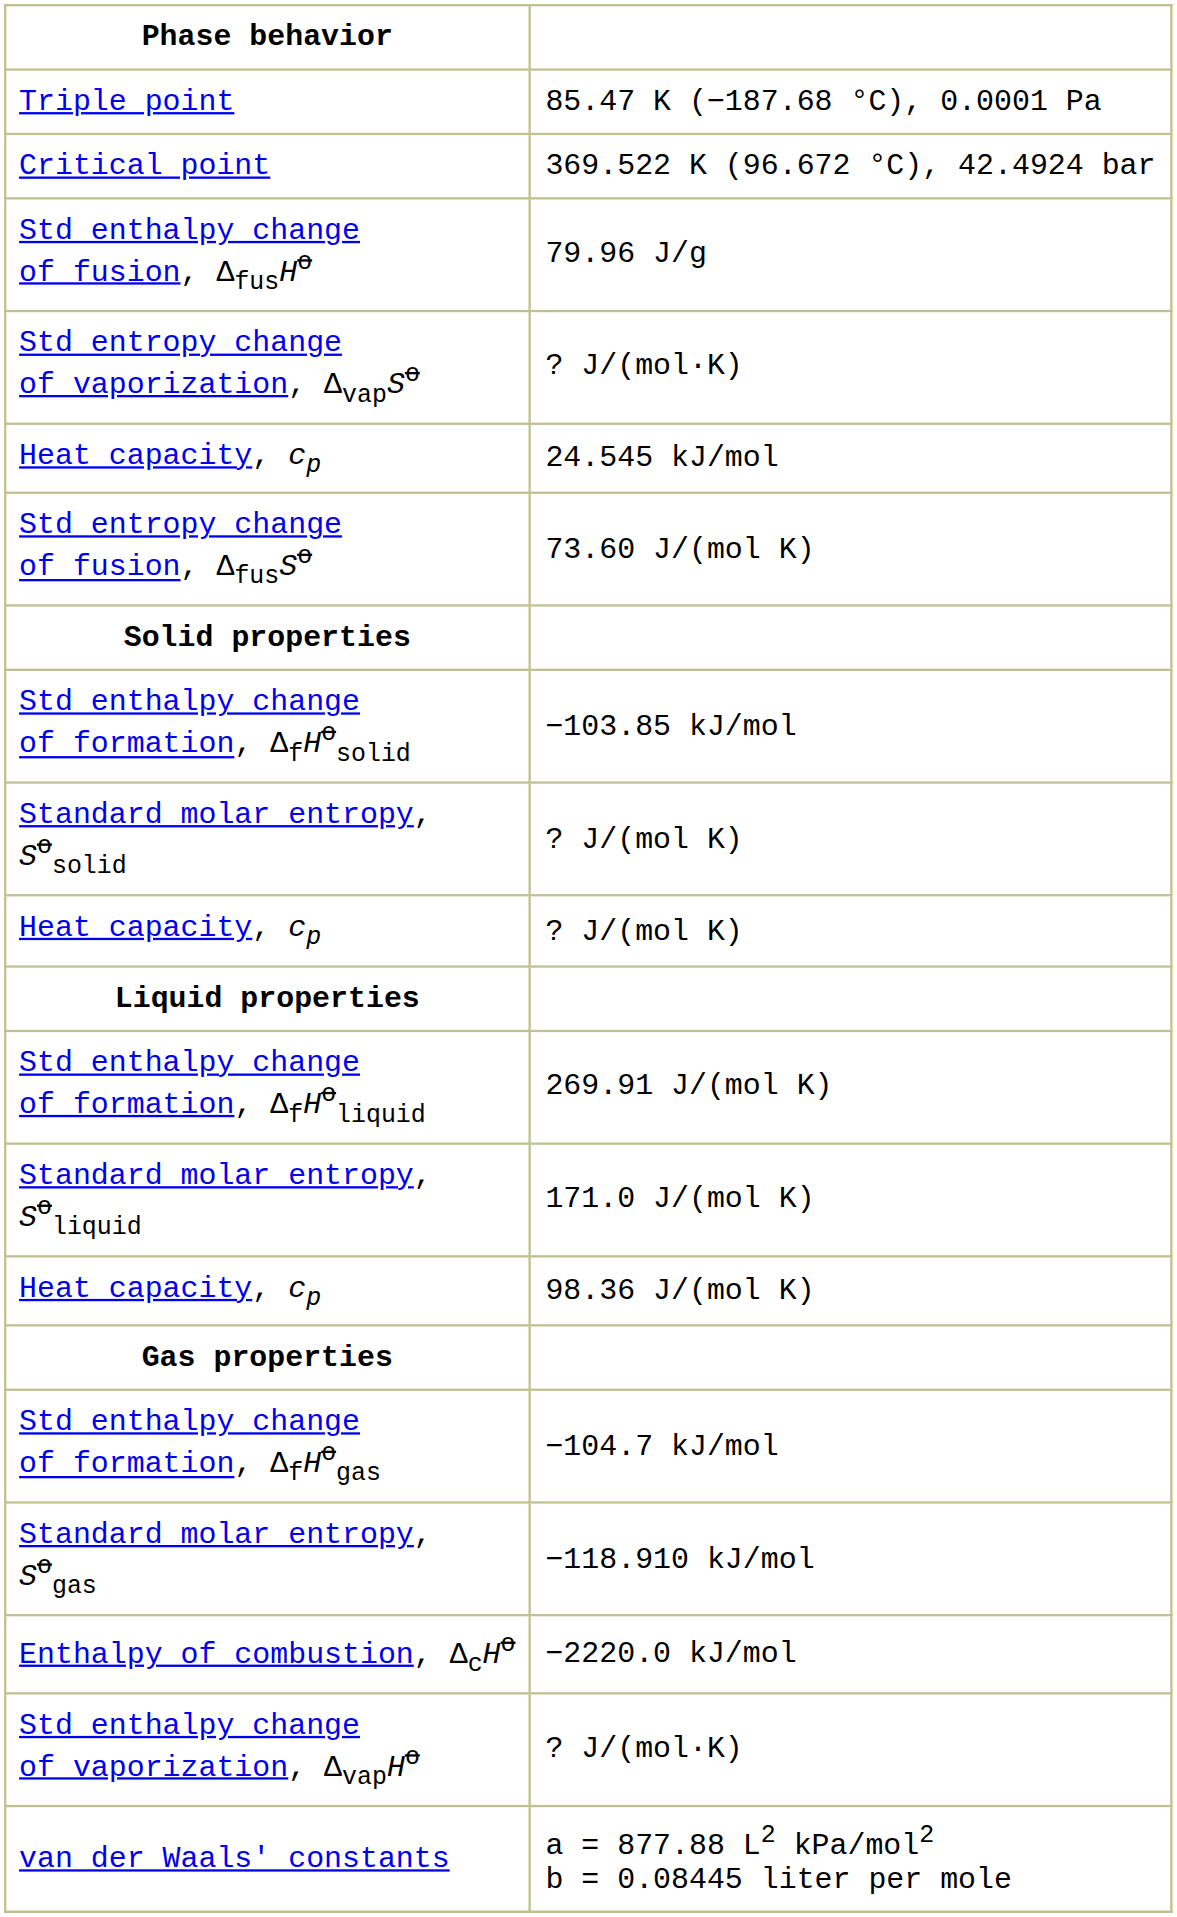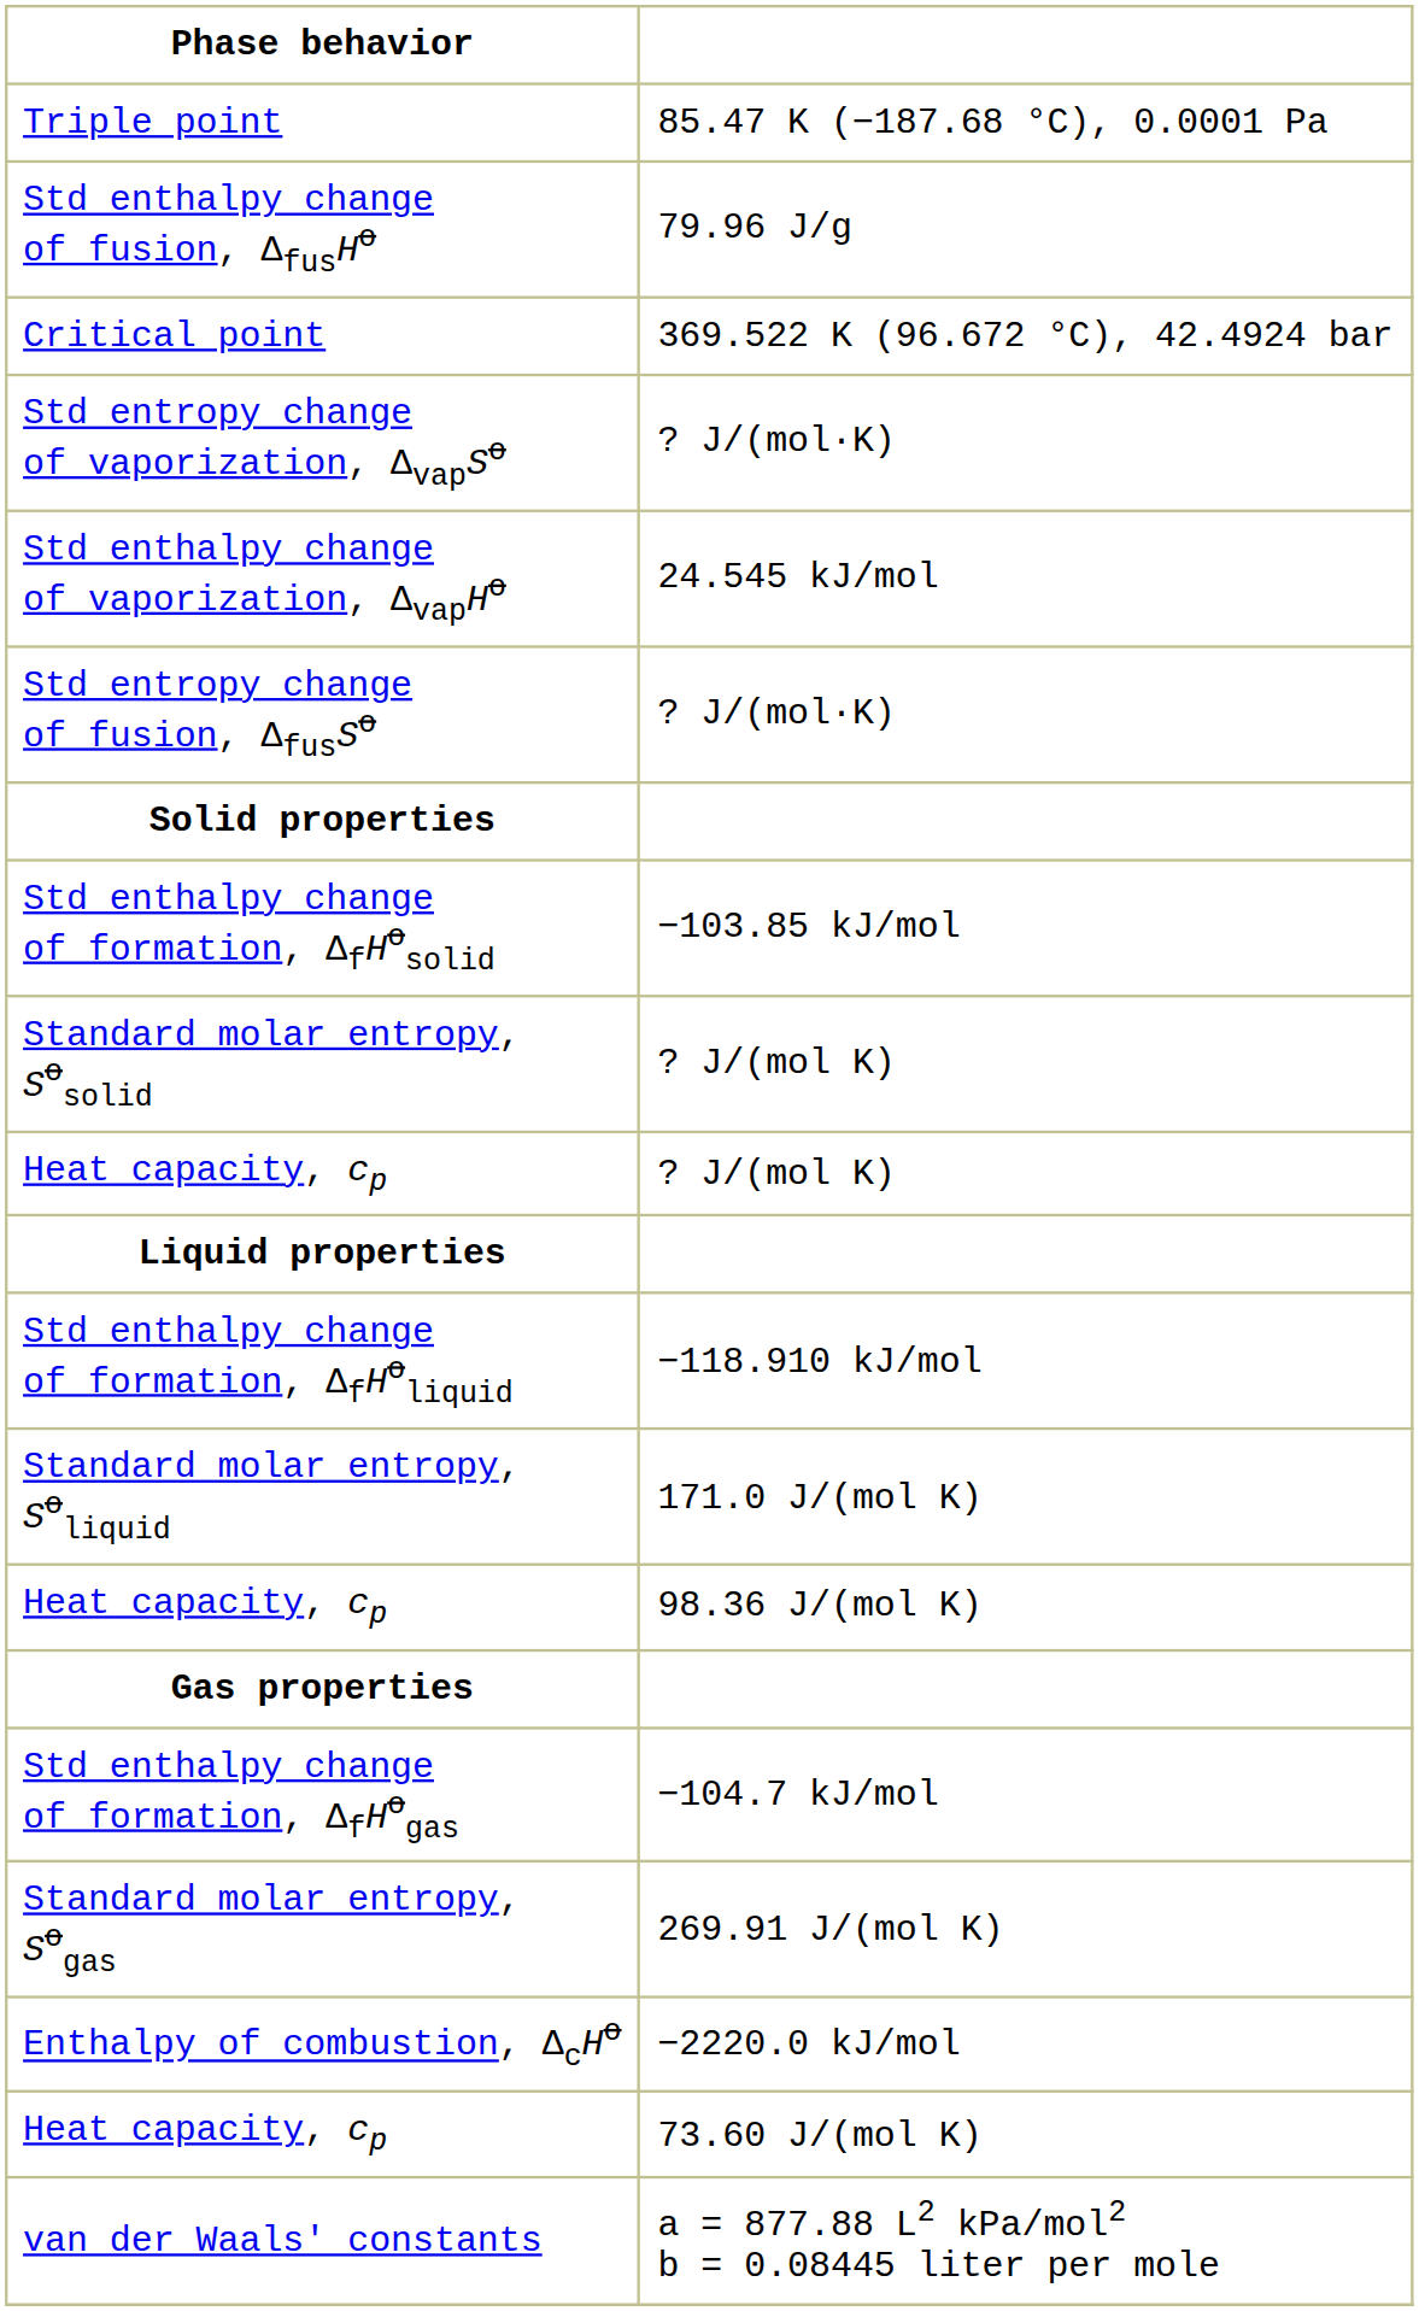 <table border="1" cellspacing="0" cellpadding="6" style="margin: 0 0 0 0.5em; background: #FFFFFF; border-collapse: collapse; border-color: #C0C090;">
 <tr>
 <th>Phase behavior</th>
 </tr>
 <tr>
 <td><a href='#'>Triple point</a></td>
 <td>85.47 K (−187.68 °C), 0.0001 Pa</td>
 </tr>
 <tr>
+<td><a href='#'>Std enthalpy change<br>of fusion</a>, Δ<sub>fus</sub><em>H</em><sup><s>o</s></sup></td>
+<td>79.96 J/g</td>
+</tr>
+<tr>
 <td><a href='#'>Critical point</a></td>
 <td>369.522 K (96.672 °C), 42.4924 bar</td>
-</tr>
-<tr>
-<td><a href='#'>Std enthalpy change<br>of fusion</a>, Δ<sub>fus</sub><em>H</em><sup><s>o</s></sup></td>
-<td>79.96 J/g</td>
 </tr>
 <tr>
 <td><a href='#'>Std entropy change<br>of vaporization</a>, Δ<sub>vap</sub><em>S</em><sup><s>o</s></sup></td>
 <td>? J/(mol·K)</td>
 </tr>
 <tr>
-<td><a href='#'>Heat capacity</a>, <em>c<sub>p</sub></em></td>
+<td><a href='#'>Std enthalpy change<br>of vaporization</a>, Δ<sub>vap</sub><em>H</em><sup><s>o</s></sup></td>
 <td>24.545 kJ/mol</td>
 </tr>
 <tr>
 <td><a href='#'>Std entropy change<br>of fusion</a>, Δ<sub>fus</sub><em>S</em><sup><s>o</s></sup></td>
-<td>73.60 J/(mol K)</td>
+<td>? J/(mol·K)</td>
 </tr>
 <tr>
 <th>Solid properties</th>
 </tr>
 <tr>
 <td><a href='#'>Std enthalpy change<br>of formation</a>, Δ<sub>f</sub><em>H</em><sup><s>o</s></sup><sub>solid</sub></td>
 <td>−103.85 kJ/mol</td>
 </tr>
 <tr>
 <td><a href='#'>Standard molar entropy</a>,<br><em>S</em><sup><s>o</s></sup><sub>solid</sub></td>
 <td>? J/(mol K)</td>
 </tr>
 <tr>
 <td><a href='#'>Heat capacity</a>, <em>c<sub>p</sub></em></td>
 <td>? J/(mol K)</td>
 </tr>
 <tr>
 <th>Liquid properties</th>
 </tr>
 <tr>
 <td><a href='#'>Std enthalpy change<br>of formation</a>, Δ<sub>f</sub><em>H</em><sup><s>o</s></sup><sub>liquid</sub></td>
-<td>269.91 J/(mol K)</td>
+<td>−118.910 kJ/mol</td>
 </tr>
 <tr>
 <td><a href='#'>Standard molar entropy</a>,<br><em>S</em><sup><s>o</s></sup><sub>liquid</sub></td>
 <td>171.0 J/(mol K)</td>
 </tr>
 <tr>
 <td><a href='#'>Heat capacity</a>, <em>c<sub>p</sub></em></td>
 <td>98.36 J/(mol K)</td>
 </tr>
 <tr>
 <th>Gas properties</th>
 </tr>
 <tr>
 <td><a href='#'>Std enthalpy change<br>of formation</a>, Δ<sub>f</sub><em>H</em><sup><s>o</s></sup><sub>gas</sub></td>
 <td>−104.7 kJ/mol</td>
 </tr>
 <tr>
 <td><a href='#'>Standard molar entropy</a>,<br><em>S</em><sup><s>o</s></sup><sub>gas</sub></td>
-<td>−118.910 kJ/mol</td>
+<td>269.91 J/(mol K)</td>
 </tr>
 <tr>
 <td><a href='#'>Enthalpy of combustion</a>, Δ<sub>c</sub><em>H</em><sup><s>o</s></sup></td>
 <td>−2220.0 kJ/mol</td>
 </tr>
 <tr>
-<td><a href='#'>Std enthalpy change<br>of vaporization</a>, Δ<sub>vap</sub><em>H</em><sup><s>o</s></sup></td>
-<td>? J/(mol·K)</td>
+<td><a href='#'>Heat capacity</a>, <em>c<sub>p</sub></em></td>
+<td>73.60 J/(mol K)</td>
 </tr>
 <tr>
 <td><a href='#'>van der Waals' constants</a></td>
 <td>a = 877.88 L<sup>2</sup> kPa/mol<sup>2</sup><br> b = 0.08445 liter per mole</td>
 </tr>
 <tr>
 </tr>
 </table>
